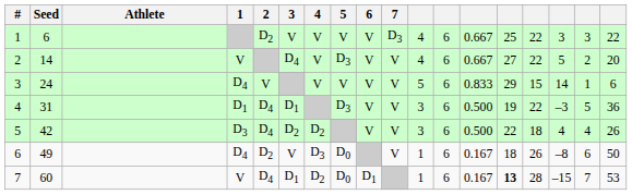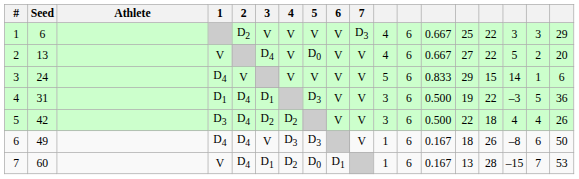 <table class="wikitable" style="text-align:center">
 <tr>
 <th width="25">#</th>
 <th width="25">Seed</th>
 <th width="200">Athlete</th>
 <th width="25">1</th>
 <th width="25">2</th>
 <th width="25">3</th>
 <th width="25">4</th>
 <th width="25">5</th>
 <th width="25">6</th>
 <th width="25">7</th>
 <th width="25"></th>
 <th width="25"></th>
 <th width="40"></th>
 <th width="25"></th>
 <th width="25"></th>
 <th width="25"></th>
 <th width="25"></th>
 <th width="25"></th>
 </tr>
 <tr bgcolor="#ccffcc">
 <td>1</td>
 <td>6</td>
 <td align=left></td>
 <td bgcolor="#cccccc"></td>
 <td>D<sub>2</sub></td>
 <td>V</td>
 <td>V</td>
 <td>V</td>
 <td>V</td>
 <td>D<sub>3</sub></td>
 <td>4</td>
 <td>6</td>
 <td>0.667</td>
 <td>25</td>
 <td>22</td>
 <td>3</td>
 <td>3</td>
-<td>22</td>
+<td>29</td>
 </tr>
 <tr bgcolor="#ccffcc">
 <td>2</td>
-<td>14</td>
+<td>13</td>
 <td align=left></td>
 <td>V</td>
 <td bgcolor="#cccccc"></td>
 <td>D<sub>4</sub></td>
 <td>V</td>
-<td>D<sub>3</sub></td>
+<td>D<sub>0</sub></td>
 <td>V</td>
 <td>V</td>
 <td>4</td>
 <td>6</td>
 <td>0.667</td>
 <td>27</td>
 <td>22</td>
 <td>5</td>
 <td>2</td>
 <td>20</td>
 </tr>
 <tr bgcolor="#ccffcc">
 <td>3</td>
 <td>24</td>
 <td align=left></td>
 <td>D<sub>4</sub></td>
 <td>V</td>
 <td bgcolor="#cccccc"></td>
 <td>V</td>
 <td>V</td>
 <td>V</td>
 <td>V</td>
 <td>5</td>
 <td>6</td>
 <td>0.833</td>
 <td>29</td>
 <td>15</td>
 <td>14</td>
 <td>1</td>
 <td>6</td>
 </tr>
 <tr bgcolor="#ccffcc">
 <td>4</td>
 <td>31</td>
 <td align=left></td>
 <td>D<sub>1</sub></td>
 <td>D<sub>4</sub></td>
 <td>D<sub>1</sub></td>
 <td bgcolor="#cccccc"></td>
 <td>D<sub>3</sub></td>
 <td>V</td>
 <td>V</td>
 <td>3</td>
 <td>6</td>
 <td>0.500</td>
 <td>19</td>
 <td>22</td>
 <td>–3</td>
 <td>5</td>
 <td>36</td>
 </tr>
 <tr bgcolor="#ccffcc">
 <td>5</td>
 <td>42</td>
 <td align=left></td>
 <td>D<sub>3</sub></td>
 <td>D<sub>4</sub></td>
 <td>D<sub>2</sub></td>
 <td>D<sub>2</sub></td>
 <td bgcolor="#cccccc"></td>
 <td>V</td>
 <td>V</td>
 <td>3</td>
 <td>6</td>
 <td>0.500</td>
 <td>22</td>
 <td>18</td>
 <td>4</td>
 <td>4</td>
 <td>26</td>
 </tr>
 <tr>
 <td>6</td>
 <td>49</td>
 <td align=left></td>
 <td>D<sub>4</sub></td>
-<td>D<sub>2</sub></td>
+<td>D<sub>4</sub></td>
 <td>V</td>
 <td>D<sub>3</sub></td>
-<td>D<sub>0</sub></td>
+<td>D<sub>3</sub></td>
 <td bgcolor="#cccccc"></td>
 <td>V</td>
 <td>1</td>
 <td>6</td>
 <td>0.167</td>
 <td>18</td>
 <td>26</td>
 <td>–8</td>
 <td>6</td>
 <td>50</td>
 </tr>
 <tr>
 <td>7</td>
 <td>60</td>
 <td align=left></td>
 <td>V</td>
 <td>D<sub>4</sub></td>
 <td>D<sub>1</sub></td>
 <td>D<sub>2</sub></td>
 <td>D<sub>0</sub></td>
 <td>D<sub>1</sub></td>
 <td bgcolor="#cccccc"></td>
 <td>1</td>
 <td>6</td>
 <td>0.167</td>
-<td><strong>13</strong></td>
+<td>13</td>
 <td>28</td>
 <td>–15</td>
 <td>7</td>
 <td>53</td>
 </tr>
 </table>
